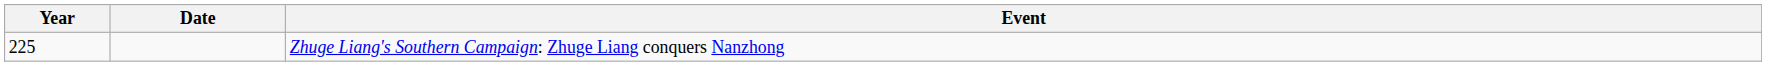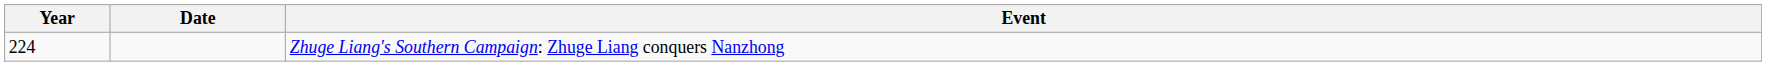 <table class="wikitable" width="100%">
 <tr>
 <th style="width:6%">Year</th>
 <th style="width:10%">Date</th>
 <th>Event</th>
 </tr>
 <tr>
-<td>225</td>
+<td>224</td>
 <td></td>
 <td><em><a href='#'>Zhuge Liang's Southern Campaign</a></em>: <a href='#'>Zhuge Liang</a> conquers <a href='#'>Nanzhong</a></td>
 </tr>
 </table>
